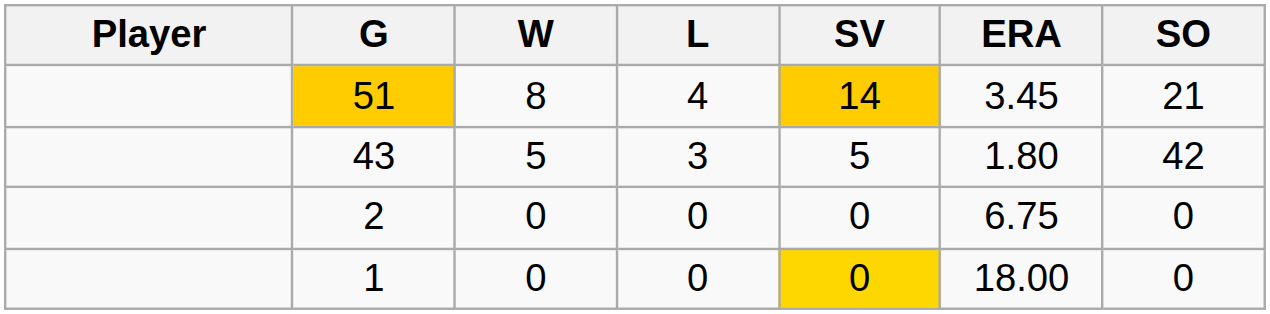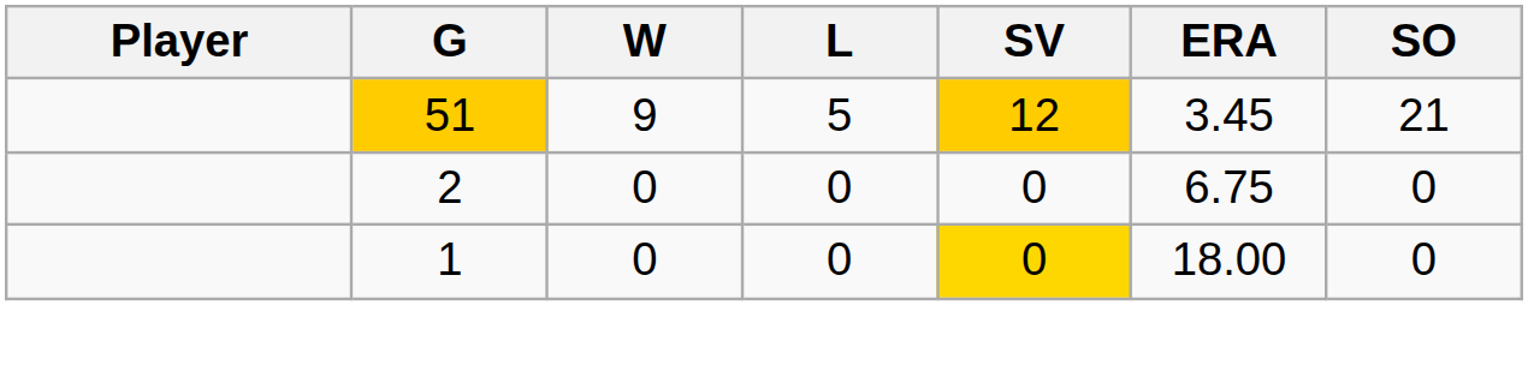 <table class="wikitable sortable">
 <tr>
 <th bgcolor="#DDDDFF" width="16%">Player</th>
 <th bgcolor="#DDDDFF" width="9%">G</th>
 <th bgcolor="#DDDDFF" width="9%">W</th>
 <th bgcolor="#DDDDFF" width="9%">L</th>
 <th bgcolor="#DDDDFF" width="9%">SV</th>
 <th bgcolor="#DDDDFF" width="9%">ERA</th>
 <th bgcolor="#DDDDFF" width="9%">SO</th>
 </tr>
 <tr align="center">
 <td></td>
 <td style="background:#fc0;">51</td>
-<td>8</td>
-<td>4</td>
-<td style="background:#fc0;">14</td>
+<td>9</td>
+<td>5</td>
+<td style="background:#fc0;">12</td>
 <td>3.45</td>
 <td>21</td>
-</tr>
-<tr align="center">
-<td></td>
-<td>43</td>
-<td>5</td>
-<td>3</td>
-<td>5</td>
-<td>1.80</td>
-<td>42</td>
 </tr>
 <tr align="center">
 <td></td>
 <td>2</td>
 <td>0</td>
 <td>0</td>
 <td>0</td>
 <td>6.75</td>
 <td>0</td>
 </tr>
 <tr align="center">
 <td></td>
 <td>1</td>
 <td>0</td>
 <td>0</td>
 <td style="background: gold;">0</td>
 <td>18.00</td>
 <td>0</td>
 </tr>
 </table>
